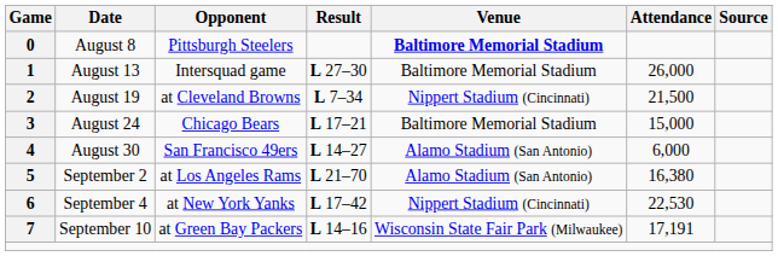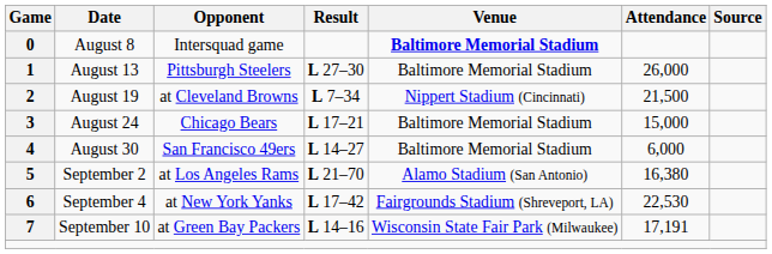 <table class="wikitable" style="text-align:center">
 <tr>
 <th>Game </th>
 <th>Date  </th>
 <th>Opponent</th>
 <th>Result</th>
 <th>Venue</th>
 <th>Attendance</th>
 <th>Source</th>
 </tr>
 <tr>
 <th>0</th>
 <td>August 8</td>
-<td><a href='#'>Pittsburgh Steelers</a></td>
+<td>Intersquad game</td>
 <td></td>
 <td><strong><a href='#'>Baltimore Memorial Stadium</a></strong></td>
 <td></td>
 <td></td>
 </tr>
 <tr>
 <th>1</th>
 <td>August 13</td>
-<td>Intersquad game</td>
+<td><a href='#'>Pittsburgh Steelers</a></td>
 <td><strong>L</strong> 27–30</td>
 <td>Baltimore Memorial Stadium</td>
 <td>26,000</td>
 <td></td>
 </tr>
 <tr>
 <th>2</th>
 <td>August 19</td>
 <td>at <a href='#'>Cleveland Browns</a></td>
 <td><strong>L</strong> 7–34</td>
 <td><a href='#'>Nippert Stadium</a> <small>(Cincinnati)</small></td>
 <td>21,500</td>
 <td></td>
 </tr>
 <tr>
 <th>3</th>
 <td>August 24</td>
 <td><a href='#'>Chicago Bears</a></td>
 <td><strong>L</strong> 17–21</td>
 <td>Baltimore Memorial Stadium</td>
 <td>15,000</td>
 <td></td>
 </tr>
 <tr>
 <th>4</th>
 <td>August 30</td>
 <td><a href='#'>San Francisco 49ers</a></td>
 <td><strong>L</strong> 14–27</td>
-<td><a href='#'>Alamo Stadium</a> <small>(San Antonio)</small></td>
+<td>Baltimore Memorial Stadium</td>
 <td>6,000</td>
 <td></td>
 </tr>
 <tr>
 <th>5</th>
 <td>September 2</td>
 <td>at <a href='#'>Los Angeles Rams</a></td>
 <td><strong>L</strong> 21–70</td>
 <td><a href='#'>Alamo Stadium</a> <small>(San Antonio)</small></td>
 <td>16,380</td>
 <td></td>
 </tr>
 <tr>
 <th>6</th>
 <td>September 4</td>
 <td>at <a href='#'>New York Yanks</a></td>
 <td><strong>L</strong> 17–42</td>
-<td><a href='#'>Nippert Stadium</a> <small>(Cincinnati)</small></td>
+<td><a href='#'>Fairgrounds Stadium</a> <small>(Shreveport, LA)</small></td>
 <td>22,530</td>
 <td></td>
 </tr>
 <tr>
 <th>7</th>
 <td>September 10</td>
 <td>at <a href='#'>Green Bay Packers</a></td>
 <td><strong>L</strong> 14–16</td>
 <td><a href='#'>Wisconsin State Fair Park</a> <small>(Milwaukee)</small></td>
 <td>17,191</td>
 <td></td>
 </tr>
 <tr>
 <td colspan="8"></td>
 </tr>
 </table>
